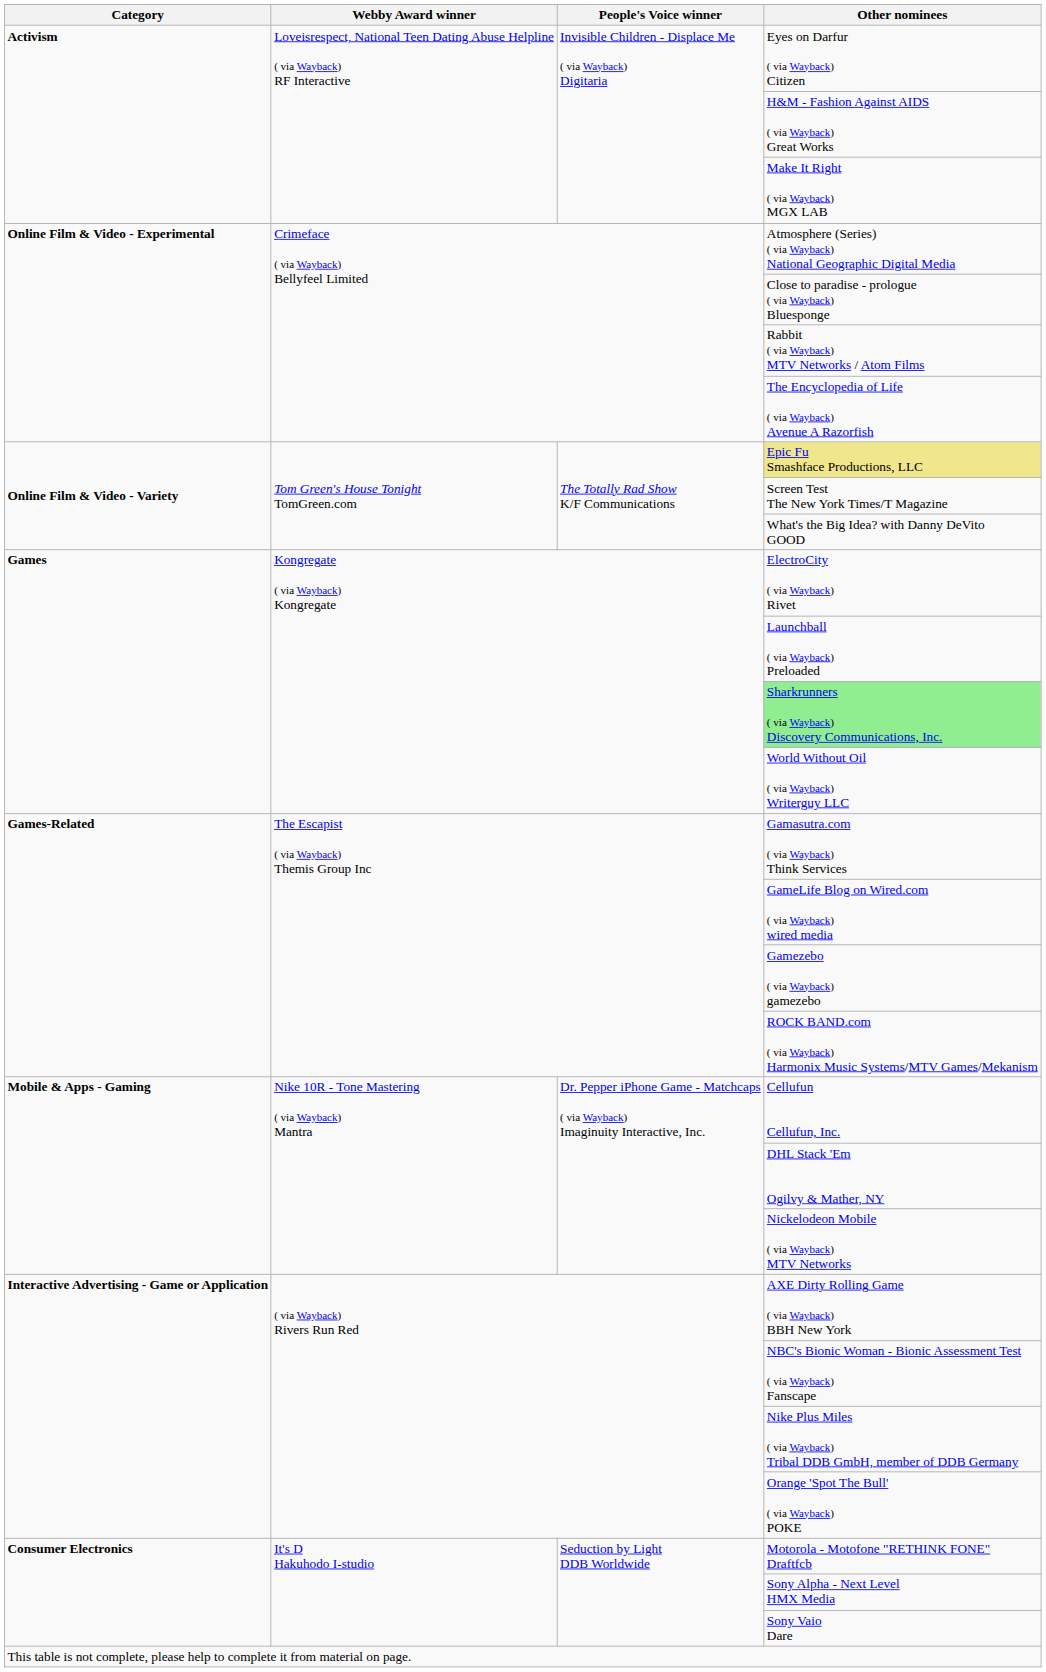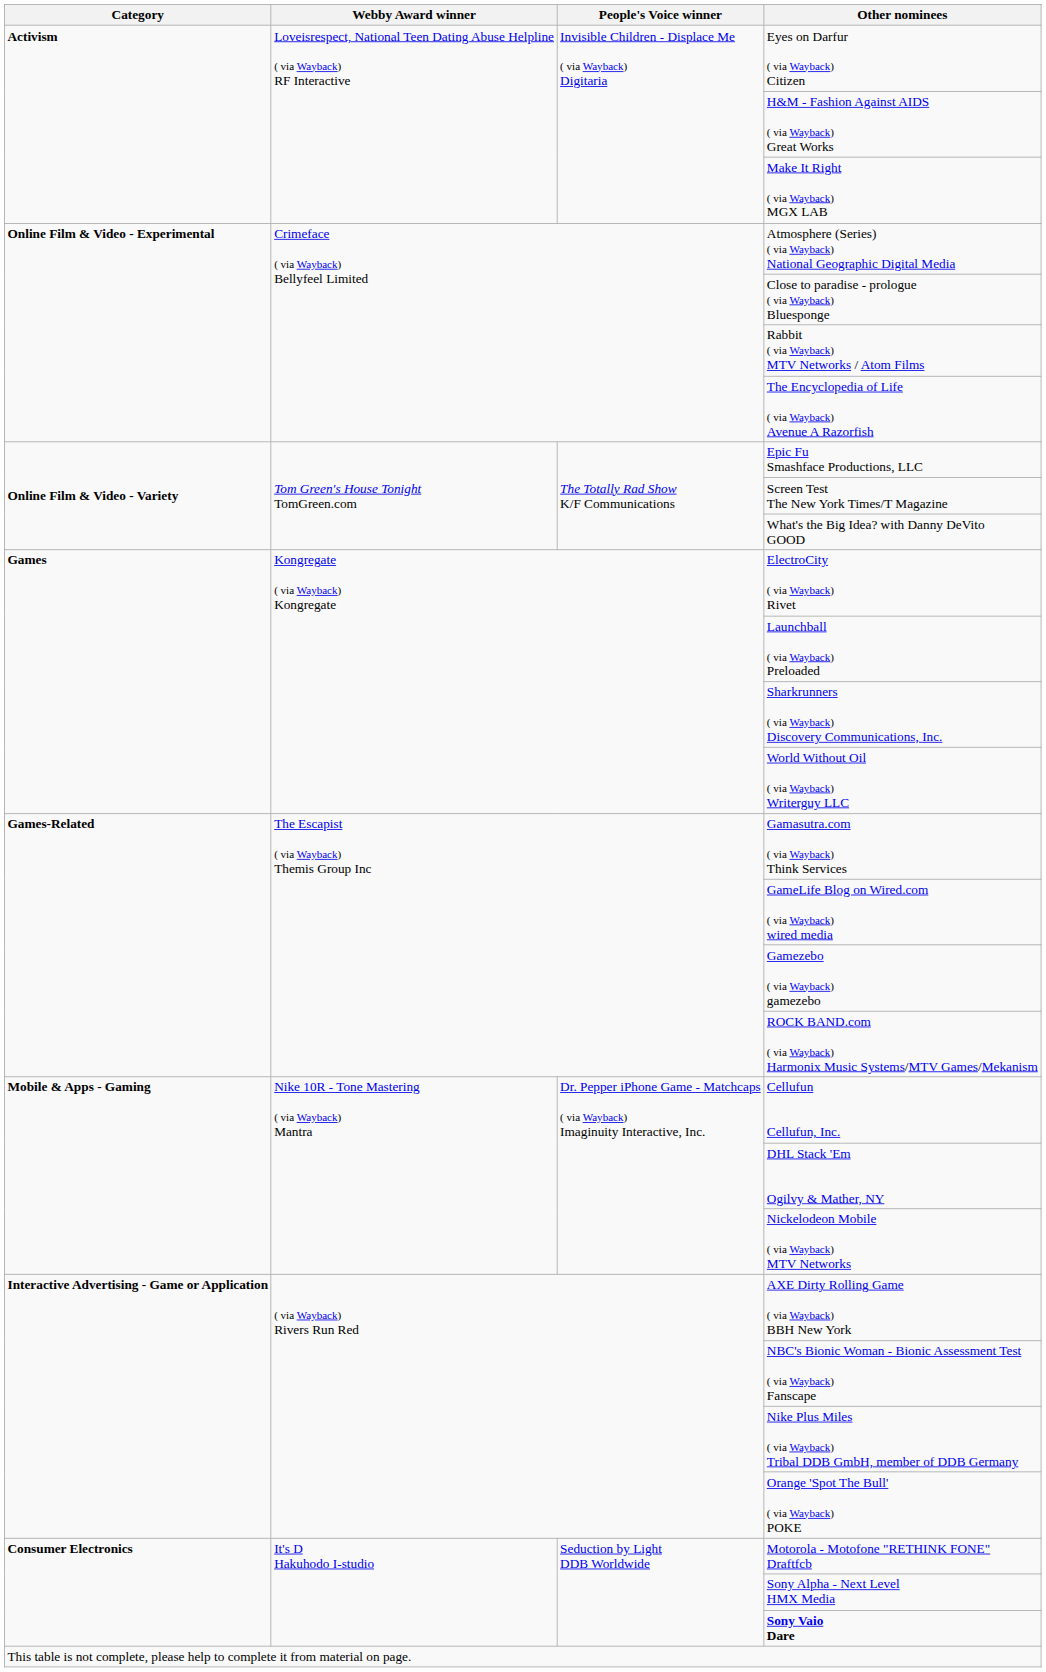 <table class="wikitable">
 <tr>
 <th>Category</th>
 <th>Webby Award winner</th>
 <th>People's Voice winner</th>
 <th>Other nominees</th>
 </tr>
 <tr valign="top">
 <td rowspan="3"><strong>Activism</strong></td>
 <td rowspan="3"><a href='#'>Loveisrespect, National Teen Dating Abuse Helpline</a><br><br><small>( via <a href='#'>Wayback</a>)</small><br> RF Interactive</td>
 <td rowspan="3"><a href='#'>Invisible Children - Displace Me</a><br><br><small>( via <a href='#'>Wayback</a>)</small><br> <a href='#'>Digitaria</a></td>
 <td>Eyes on Darfur<br><br><small>( via <a href='#'>Wayback</a>)</small><br> Citizen</td>
 </tr>
 <tr valign="top">
 <td><a href='#'>H&M - Fashion Against AIDS</a><br><br><small>( via <a href='#'>Wayback</a>)</small><br> Great Works</td>
 </tr>
 <tr valign="top">
 <td><a href='#'>Make It Right</a><br><br><small>( via <a href='#'>Wayback</a>)</small><br> MGX LAB</td>
 </tr>
 <tr valign="top">
 <td rowspan="4"><strong>Online Film & Video - Experimental</strong></td>
 <td rowspan="4" colspan="2"><a href='#'>Crimeface</a><br><br><small>( via <a href='#'>Wayback</a>)</small><br> Bellyfeel Limited</td>
 <td>Atmosphere (Series)<br><small>( via <a href='#'>Wayback</a>)</small><br> <a href='#'>National Geographic Digital Media</a></td>
 </tr>
 <tr valign="top">
 <td>Close to paradise - prologue<br><small>( via <a href='#'>Wayback</a>)</small><br> Bluesponge</td>
 </tr>
 <tr valign="top">
 <td>Rabbit<br><small>( via <a href='#'>Wayback</a>)</small><br> <a href='#'>MTV Networks</a> / <a href='#'>Atom Films</a></td>
 </tr>
 <tr valign="top">
 <td><a href='#'>The Encyclopedia of Life</a><br><br><small>( via <a href='#'>Wayback</a>)</small><br> <a href='#'>Avenue A  Razorfish</a></td>
 </tr>
 <tr>
 <td rowspan="3"><strong>Online Film & Video - Variety</strong></td>
 <td rowspan="3"><em><a href='#'>Tom Green's House Tonight</a></em><br>TomGreen.com</td>
 <td rowspan="3"><em><a href='#'>The Totally Rad Show</a></em><br>K/F Communications</td>
-<td style="background: khaki;"><a href='#'>Epic Fu</a><br>Smashface Productions, LLC</td>
+<td><a href='#'>Epic Fu</a><br>Smashface Productions, LLC</td>
 </tr>
 <tr>
 <td>Screen Test<br>The New York Times/T Magazine</td>
 </tr>
 <tr>
 <td>What's the Big Idea? with Danny DeVito<br>GOOD</td>
 </tr>
 <tr valign="top">
 <td rowspan="4"><strong>Games</strong></td>
 <td rowspan="4" colspan="2"><a href='#'>Kongregate</a><br><br><small>( via <a href='#'>Wayback</a>)</small><br> Kongregate</td>
 <td><a href='#'>ElectroCity</a><br><br><small>( via <a href='#'>Wayback</a>)</small><br> Rivet</td>
 </tr>
 <tr valign="top">
 <td><a href='#'>Launchball</a><br><br><small>( via <a href='#'>Wayback</a>)</small><br> Preloaded</td>
 </tr>
 <tr valign="top">
-<td style="background: lightgreen;"><a href='#'>Sharkrunners</a><br><br><small>( via <a href='#'>Wayback</a>)</small><br> <a href='#'>Discovery Communications, Inc.</a></td>
+<td><a href='#'>Sharkrunners</a><br><br><small>( via <a href='#'>Wayback</a>)</small><br> <a href='#'>Discovery Communications, Inc.</a></td>
 </tr>
 <tr valign="top">
 <td><a href='#'>World Without Oil</a><br><br><small>( via <a href='#'>Wayback</a>)</small><br> <a href='#'>Writerguy LLC</a></td>
 </tr>
 <tr valign="top">
 <td rowspan="4"><strong>Games-Related</strong></td>
 <td rowspan="4" colspan="2"><a href='#'>The Escapist</a><br><br><small>( via <a href='#'>Wayback</a>)</small><br> Themis Group Inc</td>
 <td><a href='#'>Gamasutra.com</a><br><br><small>( via <a href='#'>Wayback</a>)</small><br> Think Services</td>
 </tr>
 <tr valign="top">
 <td><a href='#'>GameLife Blog on Wired.com</a><br><br><small>( via <a href='#'>Wayback</a>)</small><br> <a href='#'>wired media</a></td>
 </tr>
 <tr valign="top">
 <td><a href='#'>Gamezebo</a><br><br><small>( via <a href='#'>Wayback</a>)</small><br> gamezebo</td>
 </tr>
 <tr valign="top">
 <td><a href='#'>ROCK BAND.com</a><br><br><small>( via <a href='#'>Wayback</a>)</small><br> <a href='#'>Harmonix Music Systems</a>/<a href='#'>MTV Games</a>/<a href='#'>Mekanism</a></td>
 </tr>
 <tr valign="top">
 <td rowspan="3"><strong>Mobile & Apps - Gaming</strong></td>
 <td rowspan="3"><a href='#'>Nike 10R - Tone Mastering</a><br><br><small>( via <a href='#'>Wayback</a>)</small><br> Mantra</td>
 <td rowspan="3"><a href='#'>Dr. Pepper iPhone Game - Matchcaps</a><br><br><small>( via <a href='#'>Wayback</a>)</small><br> Imaginuity Interactive, Inc.</td>
 <td><a href='#'>Cellufun</a><br><br><small></small><br> <a href='#'>Cellufun, Inc.</a></td>
 </tr>
 <tr valign="top">
 <td><a href='#'>DHL Stack 'Em</a><br><br><small></small><br> <a href='#'>Ogilvy & Mather, NY</a></td>
 </tr>
 <tr valign="top">
 <td><a href='#'>Nickelodeon Mobile</a><br><br><small>( via <a href='#'>Wayback</a>)</small><br> <a href='#'>MTV Networks</a></td>
 </tr>
 <tr valign="top">
 <td rowspan="4"><strong>Interactive Advertising - Game or Application</strong></td>
 <td rowspan="4" colspan="2"><br><br><small>( via <a href='#'>Wayback</a>)</small><br> Rivers Run Red</td>
 <td><a href='#'>AXE Dirty Rolling Game</a><br><br><small>( via <a href='#'>Wayback</a>)</small><br> BBH New York</td>
 </tr>
 <tr valign="top">
 <td><a href='#'>NBC's Bionic Woman - Bionic Assessment Test</a><br><br><small>( via <a href='#'>Wayback</a>)</small><br> Fanscape</td>
 </tr>
 <tr valign="top">
 <td><a href='#'>Nike Plus Miles</a><br><br><small>( via <a href='#'>Wayback</a>)</small><br> <a href='#'>Tribal DDB GmbH, member of DDB Germany</a></td>
 </tr>
 <tr valign="top">
 <td><a href='#'>Orange 'Spot The Bull'</a><br><br><small>( via <a href='#'>Wayback</a>)</small><br> POKE</td>
 </tr>
 <tr valign="top">
 <td rowspan="3"><strong>Consumer Electronics</strong></td>
 <td rowspan="3"><a href='#'>It's D</a><br><a href='#'>Hakuhodo I-studio</a></td>
 <td rowspan="3"><a href='#'>Seduction by Light</a><br><a href='#'>DDB Worldwide</a></td>
 <td><a href='#'>Motorola - Motofone "RETHINK FONE"</a><br><a href='#'>Draftfcb</a></td>
 </tr>
 <tr valign="top">
 <td><a href='#'>Sony Alpha - Next Level</a><br><a href='#'>HMX Media</a></td>
 </tr>
 <tr valign="top">
-<td><a href='#'>Sony Vaio</a><br>Dare</td>
+<td><strong><a href='#'>Sony Vaio</a><br>Dare</strong></td>
 </tr>
 <tr>
 <td colspan=4>This table is not complete, please help to complete it from material on  page.</td>
 </tr>
 </table>
